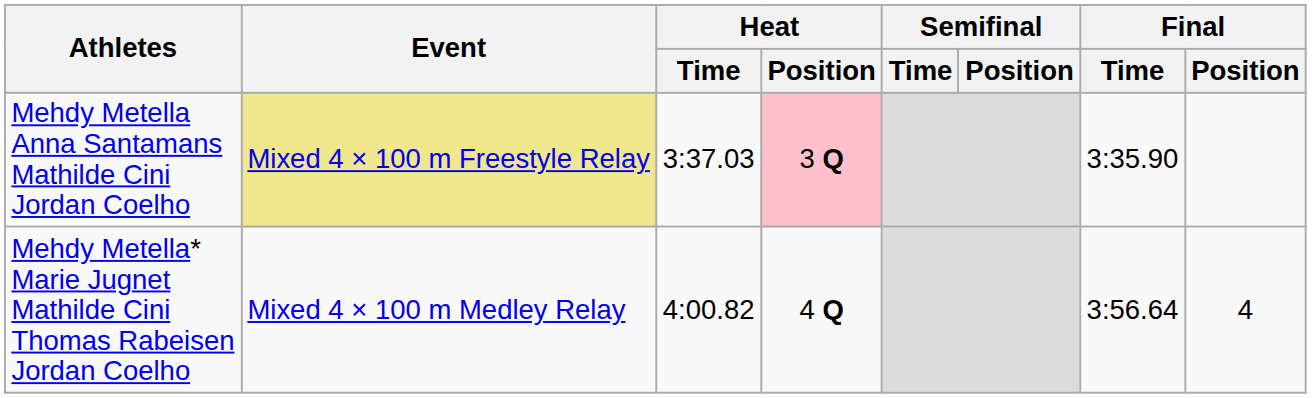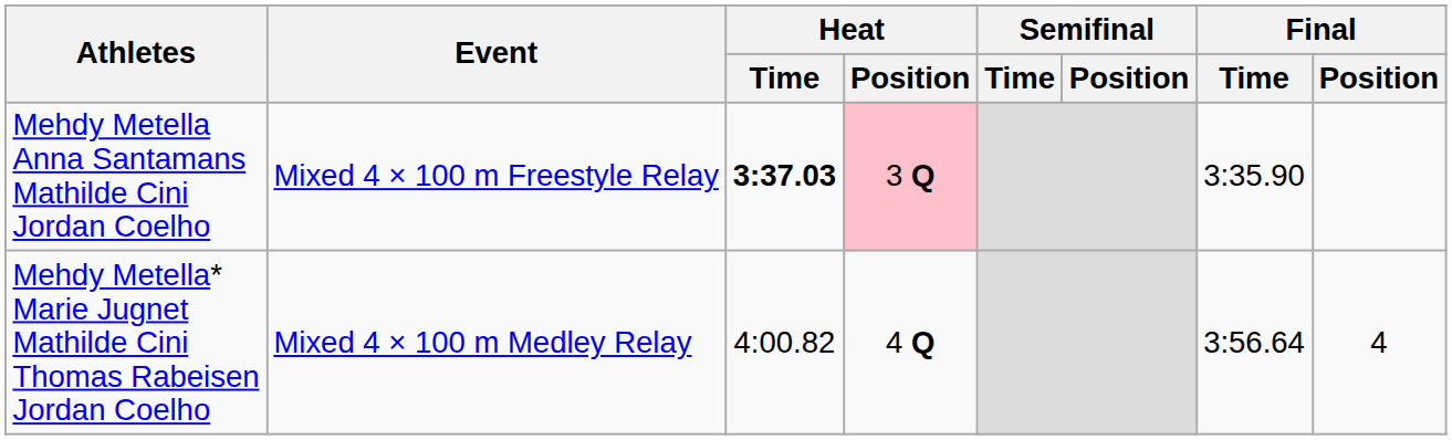 <table class="wikitable" border="1" style="font-size:90%">
 <tr>
 <th rowspan=2>Athletes</th>
 <th rowspan=2>Event</th>
 <th colspan=2>Heat</th>
 <th colspan=2>Semifinal</th>
 <th colspan=2>Final</th>
 </tr>
 <tr>
 <th>Time</th>
 <th>Position</th>
 <th>Time</th>
 <th>Position</th>
 <th>Time</th>
 <th>Position</th>
 </tr>
 <tr>
 <td><a href='#'>Mehdy Metella</a><br><a href='#'>Anna Santamans</a><br><a href='#'>Mathilde Cini</a><br><a href='#'>Jordan Coelho</a></td>
-<td style="background: khaki;"><a href='#'>Mixed 4 × 100 m Freestyle Relay</a></td>
-<td align=center>3:37.03</td>
+<td><a href='#'>Mixed 4 × 100 m Freestyle Relay</a></td>
+<td align=center><strong>3:37.03</strong></td>
 <td align=center style="background: pink;">3 <strong>Q</strong></td>
 <td colspan=2 bgcolor=#DCDCDC></td>
 <td align=center>3:35.90</td>
 <td align=center></td>
 </tr>
 <tr>
 <td><a href='#'>Mehdy Metella</a>*<br><a href='#'>Marie Jugnet</a><br><a href='#'>Mathilde Cini</a><br><a href='#'>Thomas Rabeisen</a><br><a href='#'>Jordan Coelho</a></td>
 <td><a href='#'>Mixed 4 × 100 m Medley Relay</a></td>
 <td align=center>4:00.82</td>
 <td align=center>4 <strong>Q</strong></td>
 <td colspan=2 bgcolor=#DCDCDC></td>
 <td align=center>3:56.64</td>
 <td align=center>4</td>
 </tr>
 </table>
